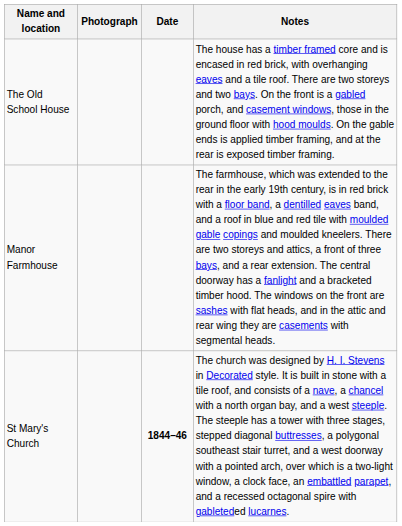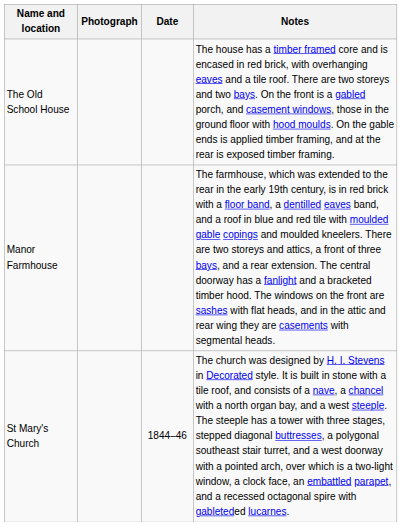 <table class="wikitable sortable plainrowheaders" style="width:100%;border:0px;text-align:left;line-height:150%;">
 <tr>
 <th scope="col"  style="width:150px">Name and location</th>
 <th scope="col"  style="width:100px" class="unsortable">Photograph</th>
 <th scope="col"  style="width:120px">Date</th>
 <th scope="col"  style="width:650px" class="unsortable">Notes</th>
 </tr>
 <tr>
 <td>The Old School House<br><small></small></td>
 <td></td>
 <td align="center"></td>
 <td>The house has a <a href='#'>timber framed</a> core and is encased in red brick, with overhanging <a href='#'>eaves</a> and a tile roof.  There are two storeys and two <a href='#'>bays</a>.  On the front is a <a href='#'>gabled</a> porch, and <a href='#'>casement windows</a>, those in the ground floor with <a href='#'>hood moulds</a>.  On the gable ends is applied timber framing, and at the rear is exposed timber framing.</td>
 </tr>
 <tr>
 <td>Manor Farmhouse<br><small></small></td>
 <td></td>
 <td align="center"></td>
 <td>The farmhouse, which was extended to the rear in the early 19th century, is in red brick with a <a href='#'>floor band</a>, a <a href='#'>dentilled</a> <a href='#'>eaves</a> band, and a roof in blue and red tile with <a href='#'>moulded</a> <a href='#'>gable</a> <a href='#'>copings</a> and moulded kneelers.  There are two storeys and attics, a front of three <a href='#'>bays</a>, and a rear extension.  The central doorway has a <a href='#'>fanlight</a> and a bracketed timber hood.  The windows on the front are <a href='#'>sashes</a> with flat heads, and in the attic and rear wing they are <a href='#'>casements</a> with segmental heads.</td>
 </tr>
 <tr>
 <td>St Mary's Church<br><small></small></td>
 <td></td>
-<td align="center"><strong>1844–46</strong></td>
+<td align="center">1844–46</td>
 <td>The church was designed by <a href='#'>H. I. Stevens</a> in <a href='#'>Decorated</a> style.  It is built in stone with a tile roof, and consists of a <a href='#'>nave</a>, a <a href='#'>chancel</a> with a north organ bay, and a west <a href='#'>steeple</a>.  The steeple has a tower with three stages, stepped diagonal <a href='#'>buttresses</a>, a polygonal southeast stair turret, and a west doorway with a pointed arch, over which is a two-light window, a clock face, an <a href='#'>embattled</a> <a href='#'>parapet</a>, and a recessed octagonal spire with <a href='#'>gableted</a>ed <a href='#'>lucarnes</a>.</td>
 </tr>
 <tr>
 </tr>
 </table>
